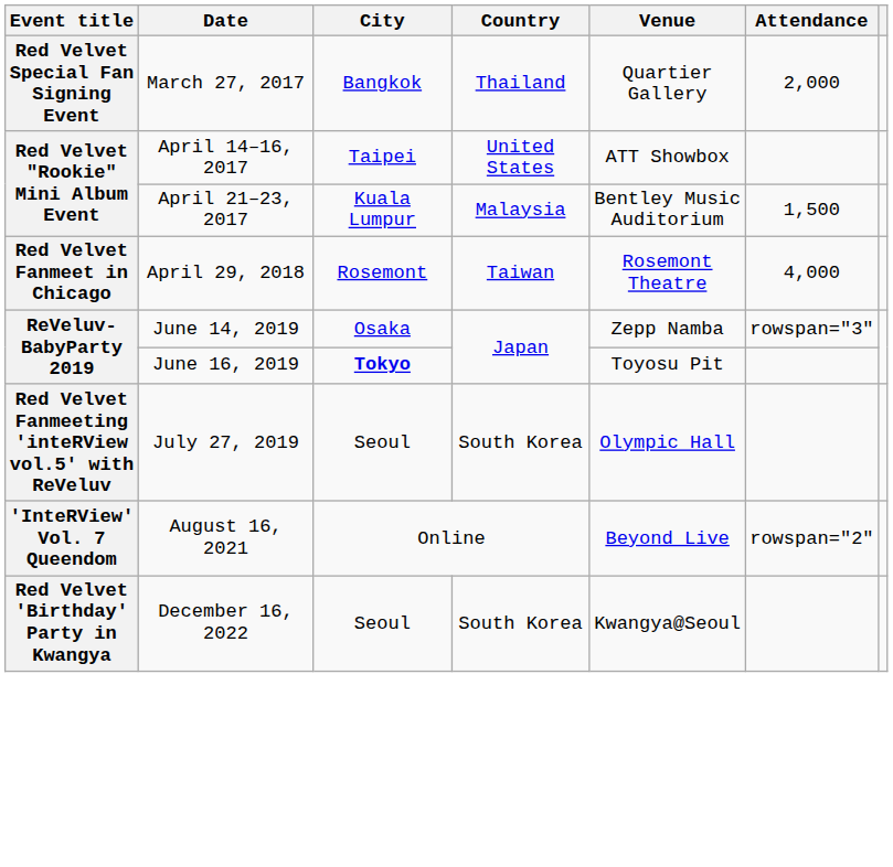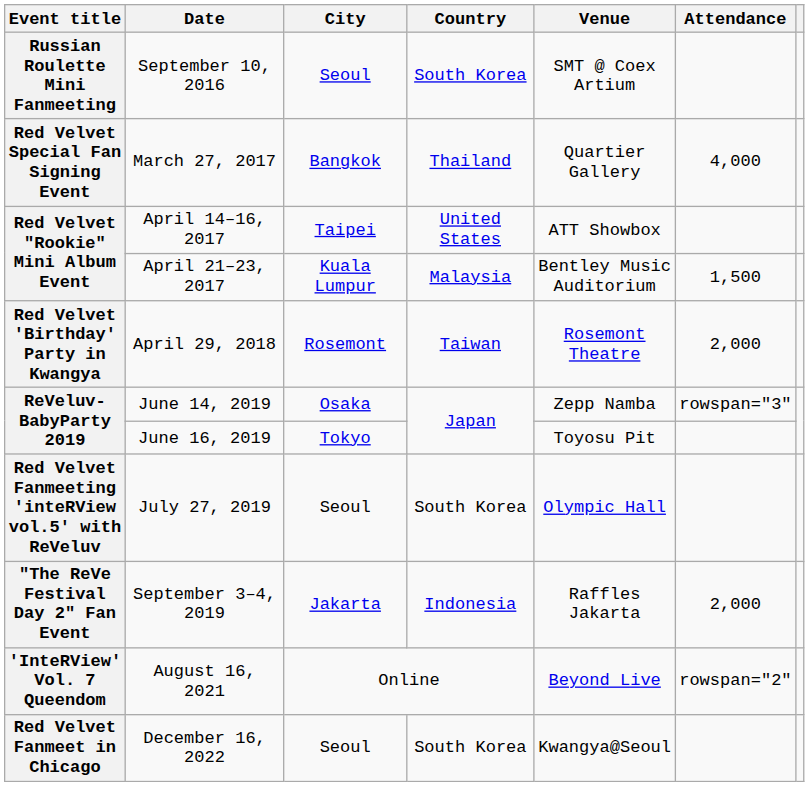 <table class="wikitable plainrowheaders" style="text-align:center;">
 <tr>
 <th>Event title</th>
 <th width="155">Date</th>
 <th width="110">City</th>
 <th width="110">Country</th>
 <th>Venue</th>
 <th>Attendance</th>
 <th></th>
 </tr>
 <tr>
+<th scope="row">Russian Roulette Mini Fanmeeting</th>
+<td>September 10, 2016</td>
+<td><a href='#'>Seoul</a></td>
+<td><a href='#'>South Korea</a></td>
+<td>SMT @ Coex Artium</td>
+<td></td>
+<td></td>
+</tr>
+<tr>
 <th scope="row">Red Velvet Special Fan Signing Event</th>
 <td>March 27, 2017</td>
 <td><a href='#'>Bangkok</a></td>
 <td><a href='#'>Thailand</a></td>
 <td>Quartier Gallery</td>
-<td>2,000</td>
+<td>4,000</td>
 <td></td>
 </tr>
 <tr>
 <th rowspan="2" scope="row">Red Velvet "Rookie" Mini Album Event</th>
 <td>April 14–16, 2017</td>
 <td><a href='#'>Taipei</a></td>
 <td><a href='#'>United States</a></td>
 <td>ATT Showbox</td>
 <td></td>
 <td></td>
 </tr>
 <tr>
 <td>April 21–23, 2017</td>
 <td><a href='#'>Kuala Lumpur</a></td>
 <td><a href='#'>Malaysia</a></td>
 <td>Bentley Music Auditorium</td>
 <td>1,500</td>
 <td></td>
 </tr>
 <tr>
-<th scope="row">Red Velvet Fanmeet in Chicago</th>
+<th scope="row">Red Velvet 'Birthday' Party in Kwangya</th>
 <td>April 29, 2018</td>
 <td><a href='#'>Rosemont</a></td>
 <td><a href='#'>Taiwan</a></td>
 <td><a href='#'>Rosemont Theatre</a></td>
-<td>4,000</td>
+<td>2,000</td>
 <td></td>
 </tr>
 <tr>
 <th scope="row" rowspan="2">ReVeluv-BabyParty 2019</th>
 <td>June 14, 2019</td>
 <td><a href='#'>Osaka</a></td>
 <td rowspan="2"><a href='#'>Japan</a></td>
 <td>Zepp Namba</td>
 <td>rowspan="3" </td>
 <td rowspan="2"></td>
 </tr>
 <tr>
 <td>June 16, 2019</td>
-<td><strong><a href='#'>Tokyo</a></strong></td>
+<td><a href='#'>Tokyo</a></td>
 <td>Toyosu Pit</td>
 </tr>
 <tr>
 <th scope="row">Red Velvet Fanmeeting 'inteRView vol.5' with ReVeluv</th>
 <td>July 27, 2019</td>
 <td>Seoul</td>
 <td>South Korea</td>
 <td><a href='#'>Olympic Hall</a></td>
 <td></td>
 </tr>
 <tr>
+<th scope="row">"The ReVe Festival Day 2" Fan Event</th>
+<td>September 3–4, 2019</td>
+<td><a href='#'>Jakarta</a></td>
+<td><a href='#'>Indonesia</a></td>
+<td>Raffles Jakarta</td>
+<td>2,000</td>
+<td></td>
+</tr>
+<tr>
 <th scope="row">'InteRView' Vol. 7 Queendom</th>
 <td>August 16, 2021</td>
 <td colspan="2">Online</td>
 <td><a href='#'>Beyond Live</a></td>
 <td>rowspan="2" </td>
 <td></td>
 </tr>
 <tr>
-<th scope="row">Red Velvet 'Birthday' Party in Kwangya</th>
+<th scope="row">Red Velvet Fanmeet in Chicago</th>
 <td>December 16, 2022</td>
 <td>Seoul</td>
 <td>South Korea</td>
 <td>Kwangya@Seoul</td>
 <td></td>
 </tr>
 </table>
